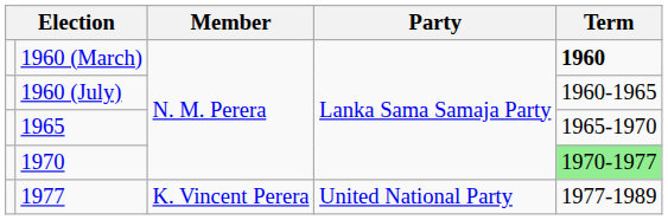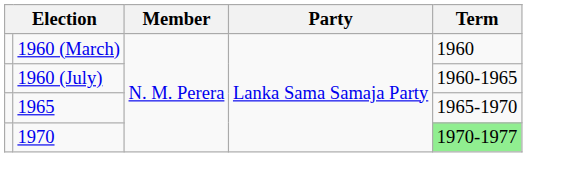 <table class="wikitable">
 <tr>
 <th colspan="2">Election</th>
 <th>Member</th>
 <th>Party</th>
 <th>Term</th>
 </tr>
 <tr>
 <td style="background-color: "></td>
 <td><a href='#'>1960 (March)</a></td>
 <td rowspan=4><a href='#'>N. M. Perera</a></td>
 <td rowspan=4><a href='#'>Lanka Sama Samaja Party</a></td>
-<td><strong>1960</strong></td>
+<td>1960</td>
 </tr>
 <tr>
 <td style="background-color: "></td>
 <td><a href='#'>1960 (July)</a></td>
 <td>1960-1965</td>
 </tr>
 <tr>
 <td style="background-color: "></td>
 <td><a href='#'>1965</a></td>
 <td>1965-1970</td>
 </tr>
 <tr>
 <td style="background-color: "></td>
 <td><a href='#'>1970</a></td>
 <td style="background: lightgreen;">1970-1977</td>
 </tr>
-<tr>
-<td style="background-color: "></td>
-<td><a href='#'>1977</a></td>
-<td><a href='#'>K. Vincent Perera</a></td>
-<td><a href='#'>United National Party</a></td>
-<td>1977-1989</td>
-</tr>
 </table>
